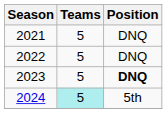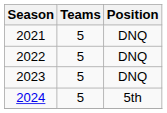 <table class="wikitable" style="text-align:center">
 <tr style="background:#efefef;">
 <th>Season</th>
 <th>Teams</th>
 <th>Position</th>
 </tr>
 <tr>
 <td>2021</td>
 <td>5</td>
 <td>DNQ</td>
 </tr>
 <tr>
 <td>2022</td>
 <td>5</td>
 <td>DNQ</td>
 </tr>
 <tr>
 <td>2023</td>
 <td>5</td>
-<td><strong>DNQ</strong></td>
+<td>DNQ</td>
 </tr>
 <tr>
 <td><a href='#'>2024</a></td>
-<td style="background: paleturquoise;">5</td>
+<td>5</td>
 <td>5th</td>
 </tr>
 <tr>
 </tr>
 </table>
